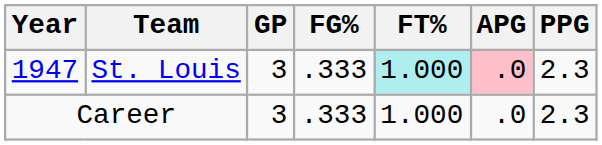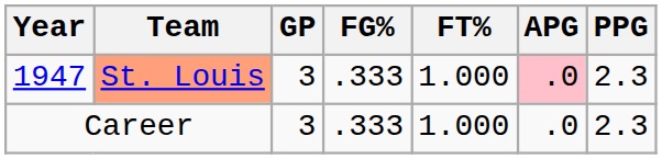 <table class="wikitable sortable" style="font-size:95%; text-align:right;">
 <tr>
 <th>Year</th>
 <th>Team</th>
 <th>GP</th>
 <th>FG%</th>
 <th>FT%</th>
 <th>APG</th>
 <th>PPG</th>
 </tr>
 <tr>
 <td style="text-align:left;"><a href='#'>1947</a></td>
-<td style="text-align:left;"><a href='#'>St. Louis</a></td>
+<td style="background: lightsalmon; text-align:left;"><a href='#'>St. Louis</a></td>
 <td>3</td>
 <td>.333</td>
-<td style="background: paleturquoise;">1.000</td>
+<td>1.000</td>
 <td style="background: pink;">.0</td>
 <td>2.3</td>
 </tr>
 <tr>
 <td style="text-align:center;" colspan="2">Career</td>
 <td>3</td>
 <td>.333</td>
 <td>1.000</td>
 <td>.0</td>
 <td>2.3</td>
 </tr>
 </table>
